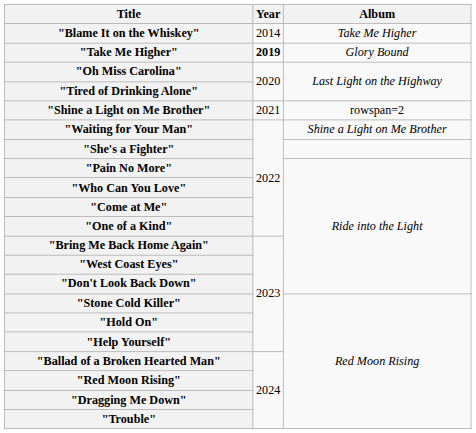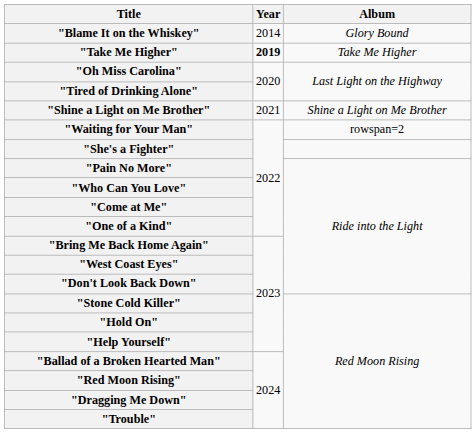 <table class="wikitable plainrowheaders" style="text-align:center;">
 <tr>
 <th rowspan="1" style="width:20em;">Title</th>
 <th rowspan="1" style="width:1em;">Year</th>
 <th rowspan="1" style="width:15em;">Album</th>
 </tr>
 <tr>
 <th scope="row">"Blame It on the Whiskey"</th>
 <td>2014</td>
-<td><em>Take Me Higher</em></td>
+<td><em>Glory Bound</em></td>
 </tr>
 <tr>
 <th scope="row">"Take Me Higher"</th>
 <td><strong>2019</strong></td>
-<td><em>Glory Bound</em></td>
+<td><em>Take Me Higher</em></td>
 </tr>
 <tr>
 <th scope="row">"Oh Miss Carolina"</th>
 <td rowspan=2>2020</td>
 <td rowspan=2><em>Last Light on the Highway</em></td>
 </tr>
 <tr>
 <th scope="row">"Tired of Drinking Alone"</th>
 </tr>
 <tr>
 <th scope="row">"Shine a Light on Me Brother"</th>
 <td>2021</td>
-<td>rowspan=2 </td>
+<td><em>Shine a Light on Me Brother</em></td>
 </tr>
 <tr>
 <th scope="row">"Waiting for Your Man"</th>
 <td rowspan=6>2022</td>
-<td><em>Shine a Light on Me Brother</em></td>
+<td>rowspan=2 </td>
 </tr>
 <tr>
 <th scope="row">"She's a Fighter"</th>
 </tr>
 <tr>
 <th scope="row">"Pain No More"</th>
 <td rowspan=7><em>Ride into the Light</em></td>
 </tr>
 <tr>
 <th scope="row">"Who Can You Love"</th>
 </tr>
 <tr>
 <th scope="row">"Come at Me"</th>
 </tr>
 <tr>
 <th scope="row">"One of a Kind"</th>
 </tr>
 <tr>
 <th scope="row">"Bring Me Back Home Again"</th>
 <td rowspan=6>2023</td>
 </tr>
 <tr>
 <th scope="row">"West Coast Eyes"</th>
 </tr>
 <tr>
 <th scope="row">"Don't Look Back Down"</th>
 </tr>
 <tr>
 <th scope="row">"Stone Cold Killer"</th>
 <td rowspan=7><em>Red Moon Rising</em></td>
 </tr>
 <tr>
 <th scope="row">"Hold On"</th>
 </tr>
 <tr>
 <th scope="row">"Help Yourself"</th>
 </tr>
 <tr>
 <th scope="row">"Ballad of a Broken Hearted Man"</th>
 <td rowspan=4>2024</td>
 </tr>
 <tr>
 <th scope="row">"Red Moon Rising"</th>
 </tr>
 <tr>
 <th scope="row">"Dragging Me Down"</th>
 </tr>
 <tr>
 <th scope="row">"Trouble" </th>
 </tr>
 </table>
